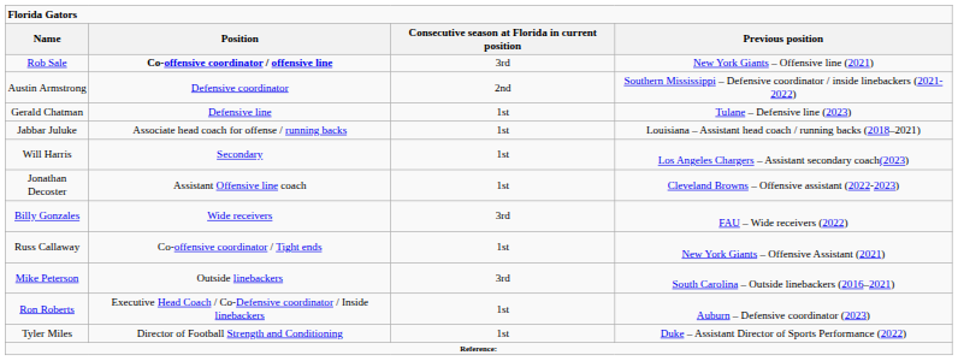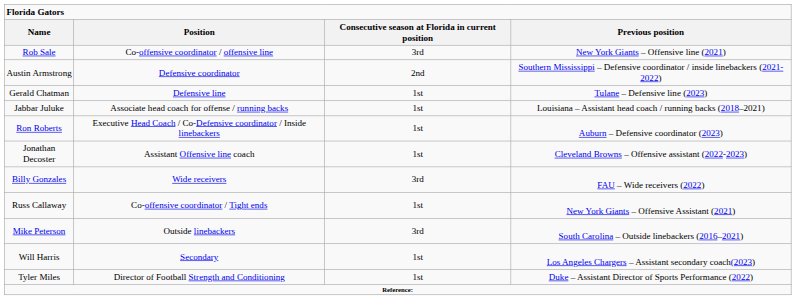 <table class="wikitable" style="font-size:90%;">
 <tr>
 <td colspan=4><strong>Florida Gators</strong></td>
 </tr>
 <tr align="center";>
 <th>Name</th>
 <th>Position</th>
 <th>Consecutive season at Florida in current position</th>
 <th>Previous position</th>
 </tr>
 <tr align="center";>
 <td><a href='#'>Rob Sale</a></td>
-<td><strong>Co-<a href='#'>offensive coordinator</a> / <a href='#'>offensive line</a></strong></td>
+<td>Co-<a href='#'>offensive coordinator</a> / <a href='#'>offensive line</a></td>
 <td>3rd</td>
 <td><a href='#'>New York Giants</a> – Offensive line (<a href='#'>2021</a>)</td>
 </tr>
 <tr align="center";>
 <td>Austin Armstrong</td>
 <td><a href='#'>Defensive coordinator</a></td>
 <td>2nd</td>
 <td><a href='#'>Southern Mississippi</a> – Defensive coordinator / inside linebackers (<a href='#'>2021- 2022</a>)</td>
 </tr>
 <tr align="center";>
 <td>Gerald Chatman</td>
 <td><a href='#'>Defensive line</a></td>
 <td>1st</td>
 <td><a href='#'>Tulane</a> – Defensive line (<a href='#'>2023</a>)</td>
 </tr>
 <tr align="center";>
 <td>Jabbar Juluke</td>
 <td>Associate head coach for offense / <a href='#'>running backs</a></td>
 <td>1st</td>
 <td>Louisiana – Assistant head coach / running backs (<a href='#'>2018</a>–2021)</td>
 </tr>
 <tr align="center";>
-<td>Will Harris</td>
-<td><a href='#'>Secondary</a></td>
+<td><a href='#'>Ron Roberts</a></td>
+<td>Executive <a href='#'>Head Coach</a> / Co-<a href='#'>Defensive coordinator</a> / Inside <a href='#'>linebackers</a></td>
 <td>1st</td>
-<td><br><a href='#'>Los Angeles Chargers</a> – Assistant secondary coach<a href='#'>(2023</a>)</td>
+<td><br><a href='#'>Auburn</a> – Defensive coordinator (<a href='#'>2023</a>)</td>
 </tr>
 <tr align="center";>
 <td>Jonathan Decoster</td>
 <td>Assistant <a href='#'>Offensive line</a> coach</td>
 <td>1st</td>
 <td><a href='#'>Cleveland Browns</a> – Offensive assistant (<a href='#'>2022</a>-<a href='#'>2023</a>)</td>
 </tr>
 <tr align="center";>
 <td><a href='#'>Billy Gonzales</a></td>
 <td><a href='#'>Wide receivers</a></td>
 <td>3rd</td>
 <td><br><a href='#'>FAU</a> – Wide receivers (<a href='#'>2022</a>)</td>
 </tr>
 <tr align="center";>
 <td>Russ Callaway</td>
 <td>Co-<a href='#'>offensive coordinator</a> / <a href='#'>Tight ends</a></td>
 <td>1st</td>
 <td><br><a href='#'>New York Giants</a> – Offensive Assistant (<a href='#'>2021</a>)</td>
 </tr>
 <tr align="center";>
 <td><a href='#'>Mike Peterson</a></td>
 <td>Outside <a href='#'>linebackers</a></td>
 <td>3rd</td>
 <td><br><a href='#'>South Carolina</a> – Outside linebackers (<a href='#'>2016</a>–<a href='#'>2021</a>)</td>
 </tr>
 <tr align="center";>
-<td><a href='#'>Ron Roberts</a></td>
-<td>Executive <a href='#'>Head Coach</a> / Co-<a href='#'>Defensive coordinator</a> / Inside <a href='#'>linebackers</a></td>
+<td>Will Harris</td>
+<td><a href='#'>Secondary</a></td>
 <td>1st</td>
-<td><br><a href='#'>Auburn</a> – Defensive coordinator (<a href='#'>2023</a>)</td>
+<td><br><a href='#'>Los Angeles Chargers</a> – Assistant secondary coach<a href='#'>(2023</a>)</td>
 </tr>
 <tr align="center";>
 <td>Tyler Miles</td>
 <td>Director of Football <a href='#'>Strength and Conditioning</a></td>
 <td>1st</td>
 <td><a href='#'>Duke</a> – Assistant Director of Sports Performance (<a href='#'>2022</a>)</td>
 </tr>
 <tr>
 <td colspan="4"  style="font-size:8pt; text-align:center;"><strong>Reference:</strong></td>
 </tr>
 </table>
